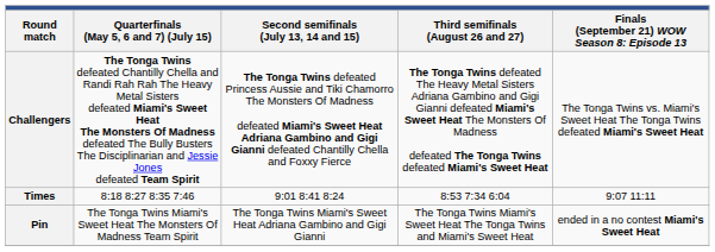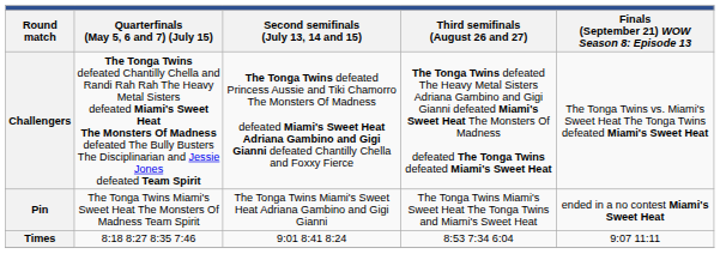 <table class="wikitable" style="font-size:85%; text-align:center; width:100%;">
 <tr>
 <td colspan="5" style="background:#2e5090;"></td>
 </tr>
 <tr>
 <th>Round match</th>
 <th>Quarterfinals<br>(May 5, 6 and 7) (July 15)</th>
 <th>Second semifinals<br>(July 13, 14 and 15)</th>
 <th>Third semifinals<br>(August 26 and 27)</th>
 <th>Finals<br>(September 21) <em>WOW Season 8: Episode 13</em></th>
 </tr>
 <tr>
 <th>Challengers</th>
 <td><strong>The Tonga Twins<br></strong> defeated Chantilly Chella and Randi Rah Rah  The Heavy Metal Sisters<br> defeated <strong>Miami's Sweet Heat<br></strong>  <strong>The Monsters Of Madness<br></strong> defeated The Bully Busters<br>  The Disciplinarian and <a href='#'>Jessie Jones</a><br> defeated <strong>Team Spirit<br></strong></td>
 <td><strong>The Tonga Twins</strong> defeated Princess Aussie and Tiki Chamorro  The Monsters Of Madness<br><br> defeated <strong>Miami's Sweet Heat</strong>  <strong>Adriana Gambino and Gigi Gianni</strong> defeated Chantilly Chella and Foxxy Fierce</td>
 <td><strong>The Tonga Twins</strong> defeated The Heavy Metal Sisters<br>   Adriana Gambino and Gigi Gianni defeated <strong>Miami's Sweet Heat</strong>  The Monsters Of Madness<br><br> defeated <strong>The Tonga Twins</strong> defeated <strong>Miami's Sweet Heat</strong></td>
 <td>The Tonga Twins vs. Miami's Sweet Heat  The Tonga Twins defeated <strong>Miami's Sweet Heat</strong></td>
 </tr>
 <tr>
+<th>Pin</th>
+<td>The Tonga Twins  Miami's Sweet Heat  The Monsters Of Madness  Team Spirit</td>
+<td>The Tonga Twins  Miami's Sweet Heat  Adriana Gambino and Gigi Gianni</td>
+<td>The Tonga Twins  Miami's Sweet Heat  The Tonga Twins and Miami's Sweet Heat</td>
+<td>ended in a no contest  <strong>Miami's Sweet Heat</strong></td>
+</tr>
+<tr>
 <th>Times</th>
 <td>8:18  8:27  8:35  7:46</td>
 <td>9:01  8:41  8:24</td>
 <td>8:53  7:34  6:04</td>
 <td>9:07  11:11</td>
 </tr>
 <tr>
-<th>Pin</th>
-<td>The Tonga Twins  Miami's Sweet Heat  The Monsters Of Madness  Team Spirit</td>
-<td>The Tonga Twins  Miami's Sweet Heat  Adriana Gambino and Gigi Gianni</td>
-<td>The Tonga Twins  Miami's Sweet Heat  The Tonga Twins and Miami's Sweet Heat</td>
-<td>ended in a no contest  <strong>Miami's Sweet Heat</strong></td>
-</tr>
-<tr>
 </tr>
 </table>
